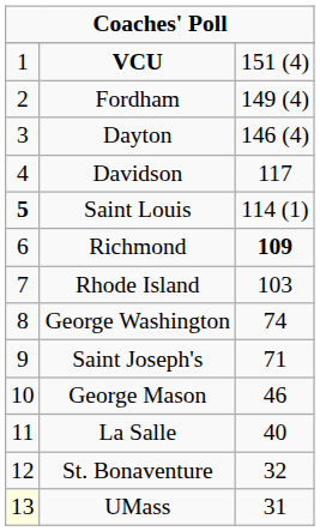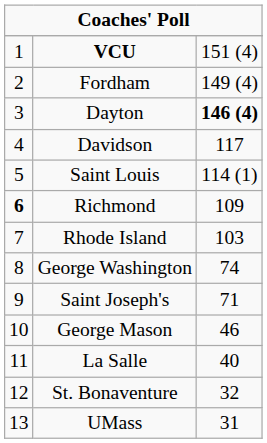 <table class="wikitable" style="display: inline-table;">
 <tr>
 <td align="center" Colspan="3"><strong>Coaches' Poll</strong></td>
 </tr>
 <tr align="center">
 </tr>
 <tr align="center">
 <td>1</td>
 <td><strong>VCU</strong></td>
 <td>151 (4)</td>
 </tr>
 <tr align="center">
 <td>2</td>
 <td>Fordham</td>
 <td>149 (4)</td>
 </tr>
 <tr align="center">
 <td>3</td>
 <td>Dayton</td>
-<td>146 (4)</td>
+<td><strong>146 (4)</strong></td>
 </tr>
 <tr align="center">
 <td>4</td>
 <td>Davidson</td>
 <td>117</td>
 </tr>
 <tr align="center">
-<td><strong>5</strong></td>
+<td>5</td>
 <td>Saint Louis</td>
 <td>114 (1)</td>
 </tr>
 <tr align="center">
-<td>6</td>
+<td><strong>6</strong></td>
 <td>Richmond</td>
-<td><strong>109</strong></td>
+<td>109</td>
 </tr>
 <tr align="center">
 <td>7</td>
 <td>Rhode Island</td>
 <td>103</td>
 </tr>
 <tr align="center">
 <td>8</td>
 <td>George Washington</td>
 <td>74</td>
 </tr>
 <tr align="center">
 <td>9</td>
 <td>Saint Joseph's</td>
 <td>71</td>
 </tr>
 <tr align="center">
 <td>10</td>
 <td>George Mason</td>
 <td>46</td>
 </tr>
 <tr align="center">
 <td>11</td>
 <td>La Salle</td>
 <td>40</td>
 </tr>
 <tr align="center">
 <td>12</td>
 <td>St. Bonaventure</td>
 <td>32</td>
 </tr>
 <tr align="center">
-<td style="background: lightyellow;">13</td>
+<td>13</td>
 <td>UMass</td>
 <td>31</td>
 </tr>
 </table>
